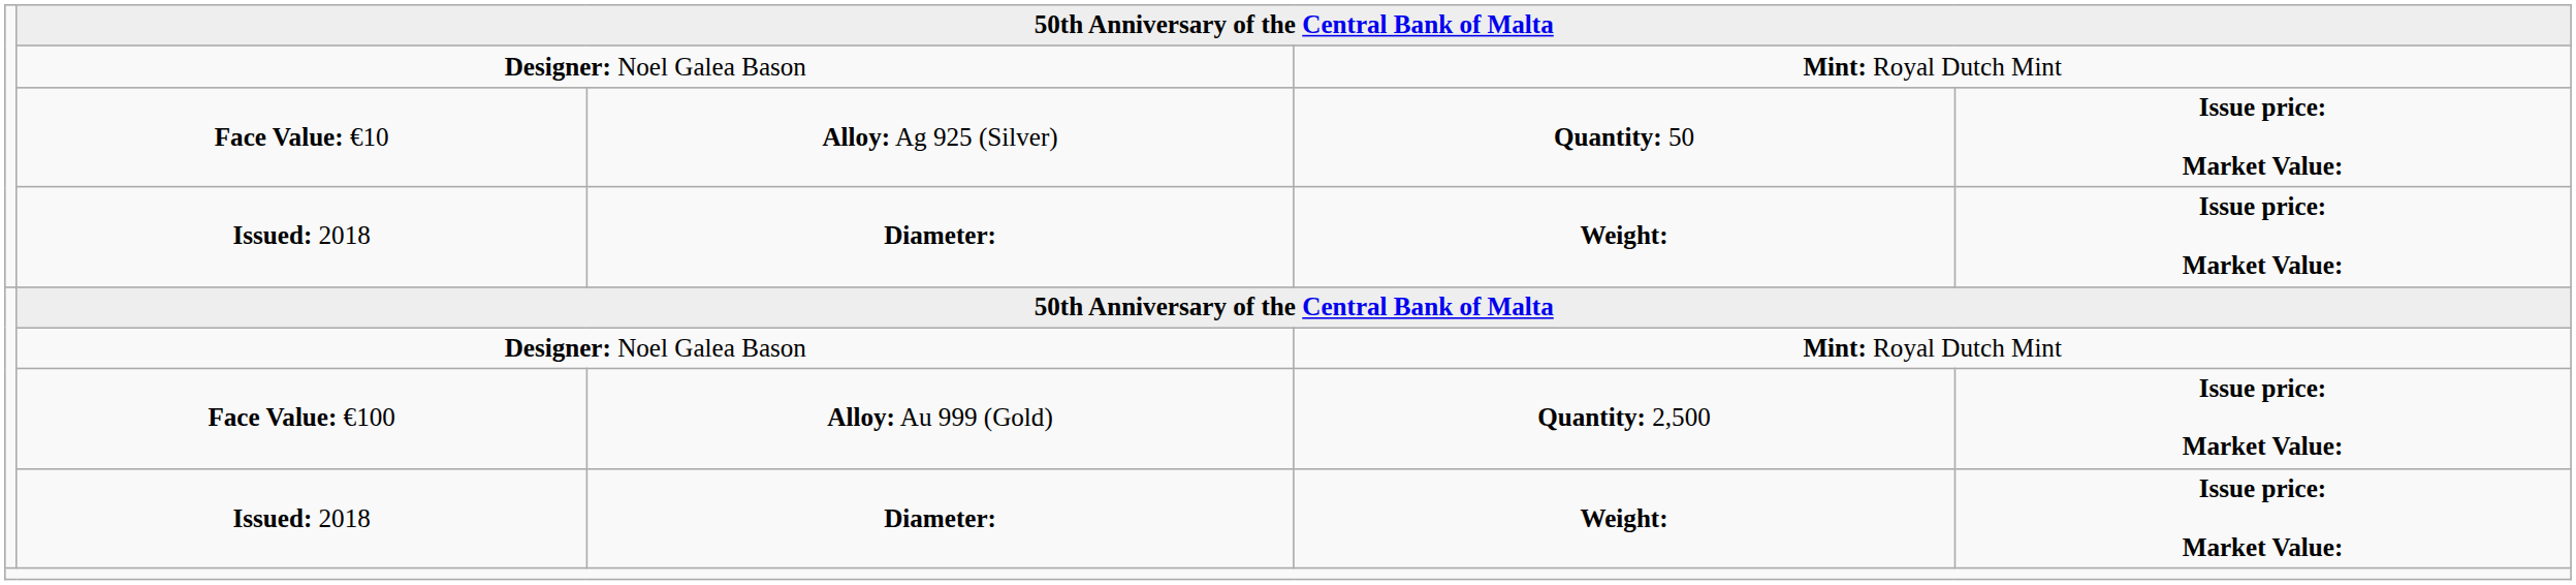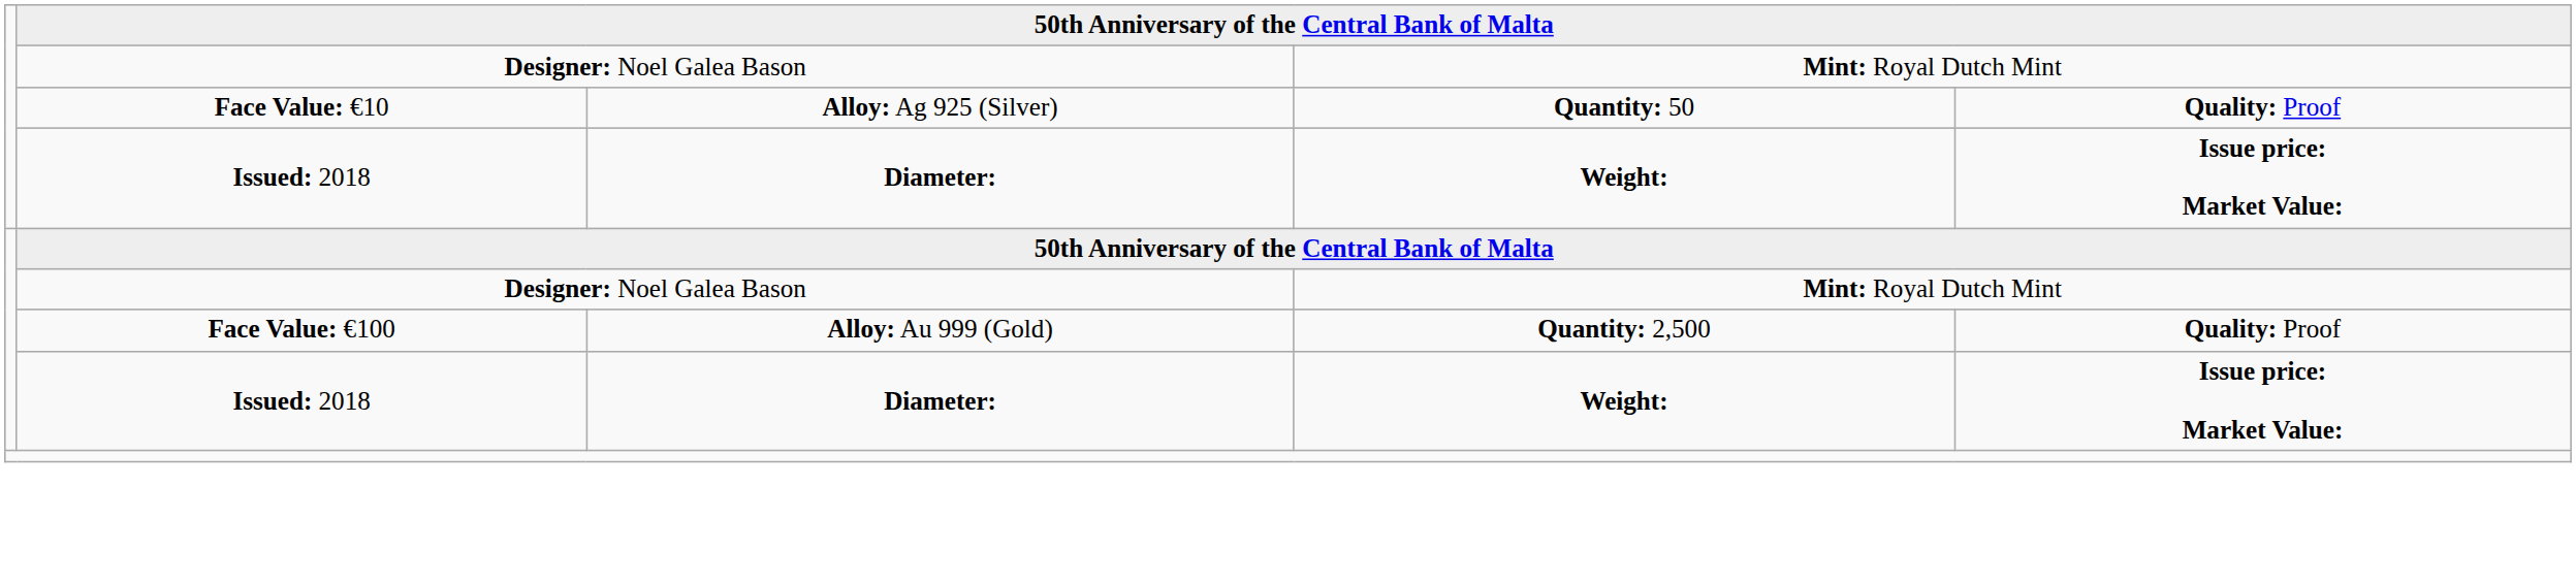 <table class="wikitable" width=100%>
 <tr>
 <td rowspan=4 width="330px" nowrap align=center></td>
 <th colspan="4" align=center style="background:#eeeeee;">50th Anniversary of the <a href='#'>Central Bank of Malta</a></th>
 </tr>
 <tr>
 <td colspan="2" width="50%" align=center><strong>Designer:</strong> Noel Galea Bason</td>
 <td colspan="2" width="50%" align=center><strong>Mint:</strong> Royal Dutch Mint</td>
 </tr>
 <tr>
 <td align=center><strong>Face Value:</strong> €10</td>
 <td align=center><strong>Alloy:</strong> Ag 925 (Silver)</td>
 <td align=center><strong>Quantity:</strong> 50</td>
-<td align=center><strong>Issue price:</strong><br><br> <strong>Market Value:</strong></td>
+<td align=center><strong>Quality:</strong> <a href='#'>Proof</a></td>
 </tr>
 <tr>
 <td align=center><strong>Issued:</strong> 2018</td>
 <td align=center><strong>Diameter:</strong> </td>
 <td align=center><strong>Weight:</strong> </td>
 <td align=center><strong>Issue price:</strong><br><br> <strong>Market Value:</strong></td>
 </tr>
 <tr>
 <td rowspan=4 width="330px" nowrap align=center></td>
 <th colspan="4" align=center style="background:#eeeeee;">50th Anniversary of the <a href='#'>Central Bank of Malta</a></th>
 </tr>
 <tr>
 <td colspan="2" width="50%" align=center><strong>Designer:</strong> Noel Galea Bason</td>
 <td colspan="2" width="50%" align=center><strong>Mint:</strong> Royal Dutch Mint</td>
 </tr>
 <tr>
 <td align=center><strong>Face Value:</strong> €100</td>
 <td align=center><strong>Alloy:</strong> Au 999 (Gold)</td>
 <td align=center><strong>Quantity:</strong> 2,500</td>
-<td align=center><strong>Issue price:</strong><br><br> <strong>Market Value:</strong></td>
+<td align=center><strong>Quality:</strong> Proof</td>
 </tr>
 <tr>
 <td align=center><strong>Issued:</strong> 2018</td>
 <td align=center><strong>Diameter:</strong> </td>
 <td align=center><strong>Weight:</strong> </td>
 <td align=center><strong>Issue price:</strong><br><br> <strong>Market Value:</strong></td>
 </tr>
 <tr>
 <td colspan="5" align=left></td>
 </tr>
 </table>
